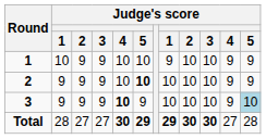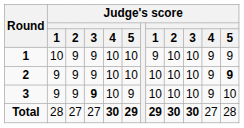 <table class="wikitable" style="text-align:center;">
 <tr>
 <th rowspan="3">Round</th>
 <th colspan="11">Judge's score</th>
 </tr>
 <tr>
 <th colspan="5"></th>
 <th rowspan="6"></th>
 <th colspan="5"></th>
 </tr>
 <tr>
 <th>1</th>
 <th>2</th>
 <th>3</th>
 <th>4</th>
 <th>5</th>
 <th>1</th>
 <th>2</th>
 <th>3</th>
 <th>4</th>
 <th>5</th>
 </tr>
 <tr>
 <td><strong>1</strong></td>
 <td>10</td>
 <td>9</td>
 <td>9</td>
 <td>10</td>
 <td>10</td>
 <td>9</td>
 <td>10</td>
 <td>10</td>
 <td>9</td>
 <td>9</td>
 </tr>
 <tr>
 <td><strong>2</strong></td>
 <td>9</td>
 <td>9</td>
 <td>9</td>
 <td>10</td>
-<td><strong>10</strong></td>
+<td>10</td>
 <td>10</td>
 <td>10</td>
 <td>10</td>
 <td>9</td>
-<td>9</td>
+<td><strong>9</strong></td>
 </tr>
 <tr>
 <td><strong>3</strong></td>
 <td>9</td>
 <td>9</td>
-<td>9</td>
-<td><strong>10</strong></td>
+<td><strong>9</strong></td>
+<td>10</td>
 <td>9</td>
 <td>10</td>
 <td>10</td>
 <td>10</td>
 <td>9</td>
-<td style="background: lightblue;">10</td>
+<td>10</td>
 </tr>
 <tr>
 <td><strong>Total</strong></td>
 <td>28</td>
 <td>27</td>
 <td>27</td>
 <td><strong>30</strong></td>
 <td><strong>29</strong></td>
 <td><strong>29</strong></td>
 <td><strong>30</strong></td>
 <td><strong>30</strong></td>
 <td>27</td>
 <td>28</td>
 </tr>
 </table>
